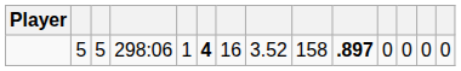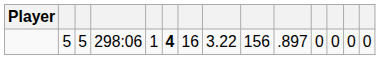 <table class="wikitable sortable" style="text-align:center;">
 <tr>
 <th>Player</th>
 <th></th>
 <th></th>
 <th></th>
 <th></th>
 <th></th>
 <th></th>
 <th></th>
 <th></th>
 <th></th>
 <th></th>
 <th></th>
 <th></th>
 <th></th>
 </tr>
 <tr>
 <td></td>
 <td>5</td>
 <td>5</td>
 <td>298:06</td>
 <td>1</td>
 <td><strong>4</strong></td>
 <td>16</td>
-<td>3.52</td>
-<td>158</td>
-<td><strong>.897</strong></td>
+<td>3.22</td>
+<td>156</td>
+<td>.897</td>
 <td>0</td>
 <td>0</td>
 <td>0</td>
 <td>0</td>
 </tr>
 </table>
